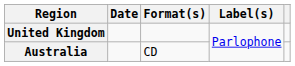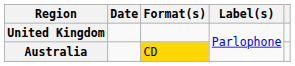 <table class="wikitable plainrowheaders">
 <tr>
 <th scope="col">Region</th>
 <th scope="col">Date</th>
 <th scope="col">Format(s)</th>
 <th scope="col">Label(s)</th>
 <th scope="col"></th>
 </tr>
 <tr>
 <th scope="row">United Kingdom</th>
 <td></td>
 <td></td>
 <td rowspan="2"><a href='#'>Parlophone</a></td>
 <td></td>
 </tr>
 <tr>
 <th scope="row">Australia</th>
 <td></td>
-<td>CD</td>
+<td style="background: gold;">CD</td>
 <td></td>
 </tr>
 </table>
